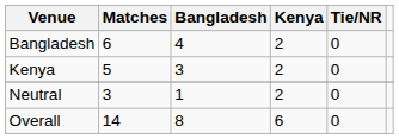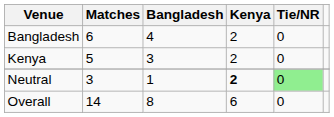 <table class="wikitable">
 <tr>
 <th>Venue</th>
 <th>Matches</th>
 <th>Bangladesh</th>
 <th>Kenya</th>
 <th>Tie/NR</th>
 </tr>
 <tr>
 <td>Bangladesh</td>
 <td>6</td>
 <td>4</td>
 <td>2</td>
 <td>0</td>
 <td></td>
 </tr>
 <tr>
 <td>Kenya</td>
 <td>5</td>
 <td>3</td>
 <td>2</td>
 <td>0</td>
 <td></td>
 </tr>
 <tr>
 </tr>
 <tr>
 <td>Neutral</td>
 <td>3</td>
 <td>1</td>
-<td>2</td>
-<td>0</td>
+<td><strong>2</strong></td>
+<td style="background: lightgreen;">0</td>
 <td></td>
 </tr>
 <tr>
 <td>Overall</td>
 <td>14</td>
 <td>8</td>
 <td>6</td>
 <td>0</td>
 <td></td>
 </tr>
 </table>
